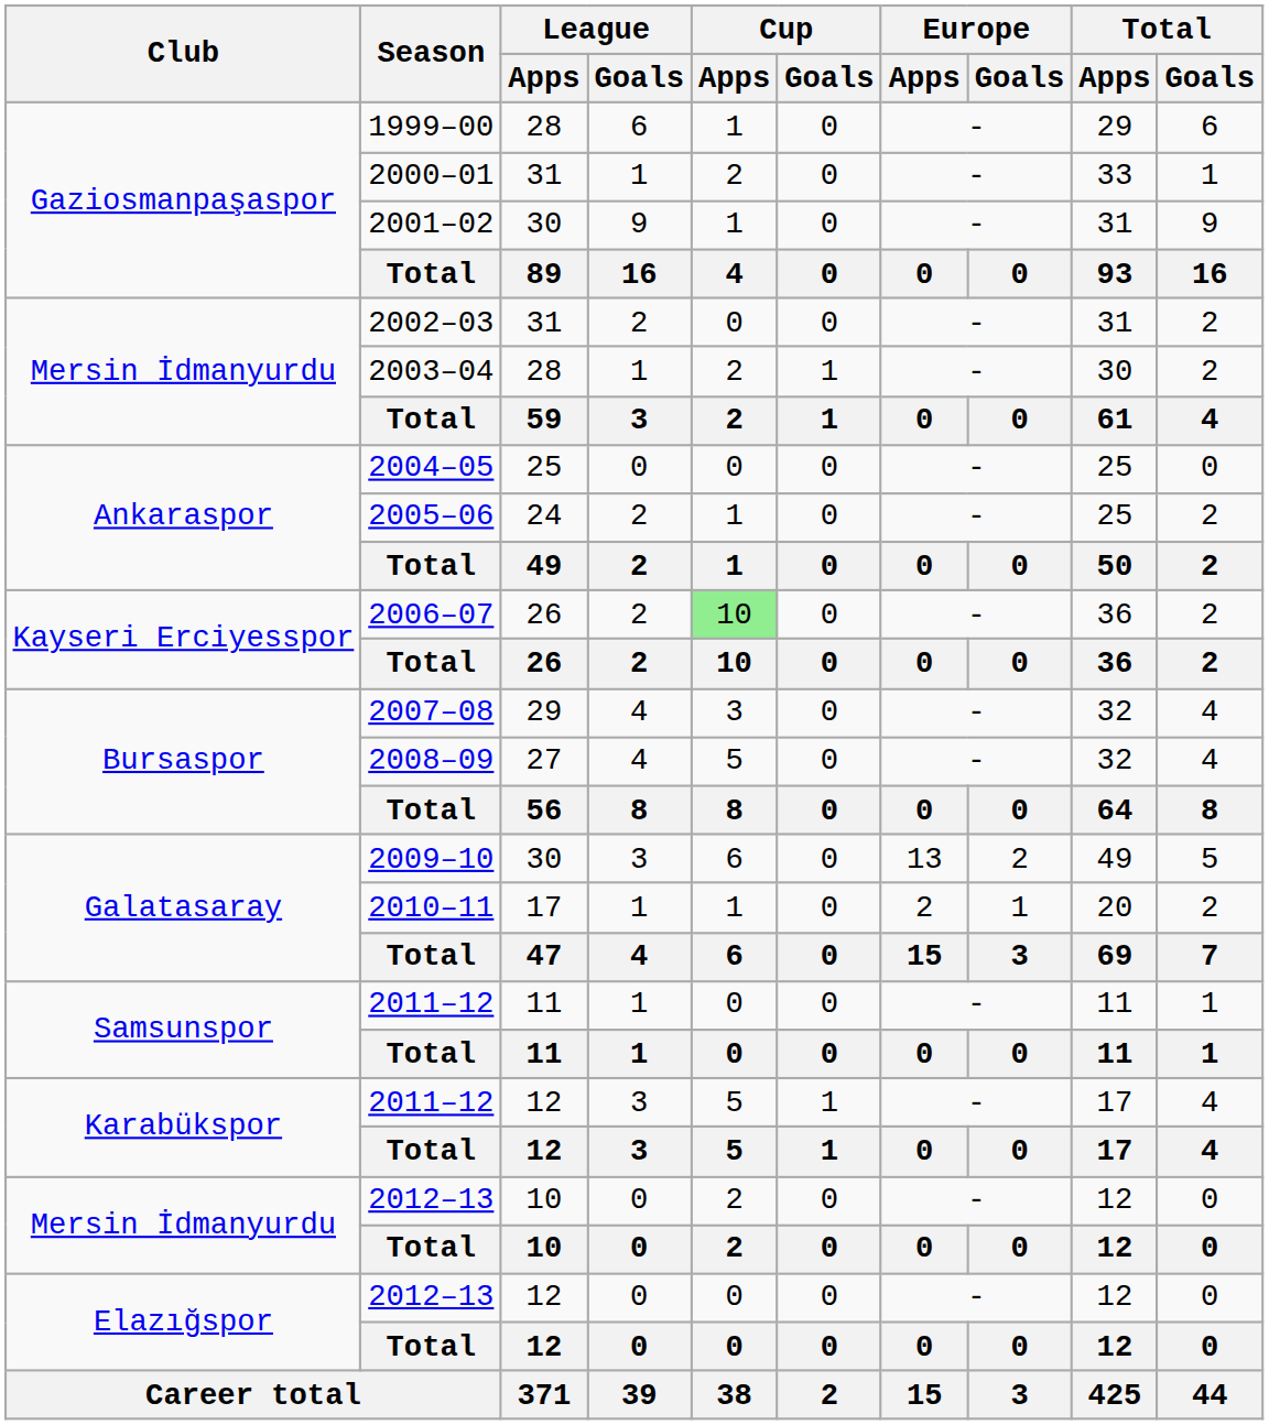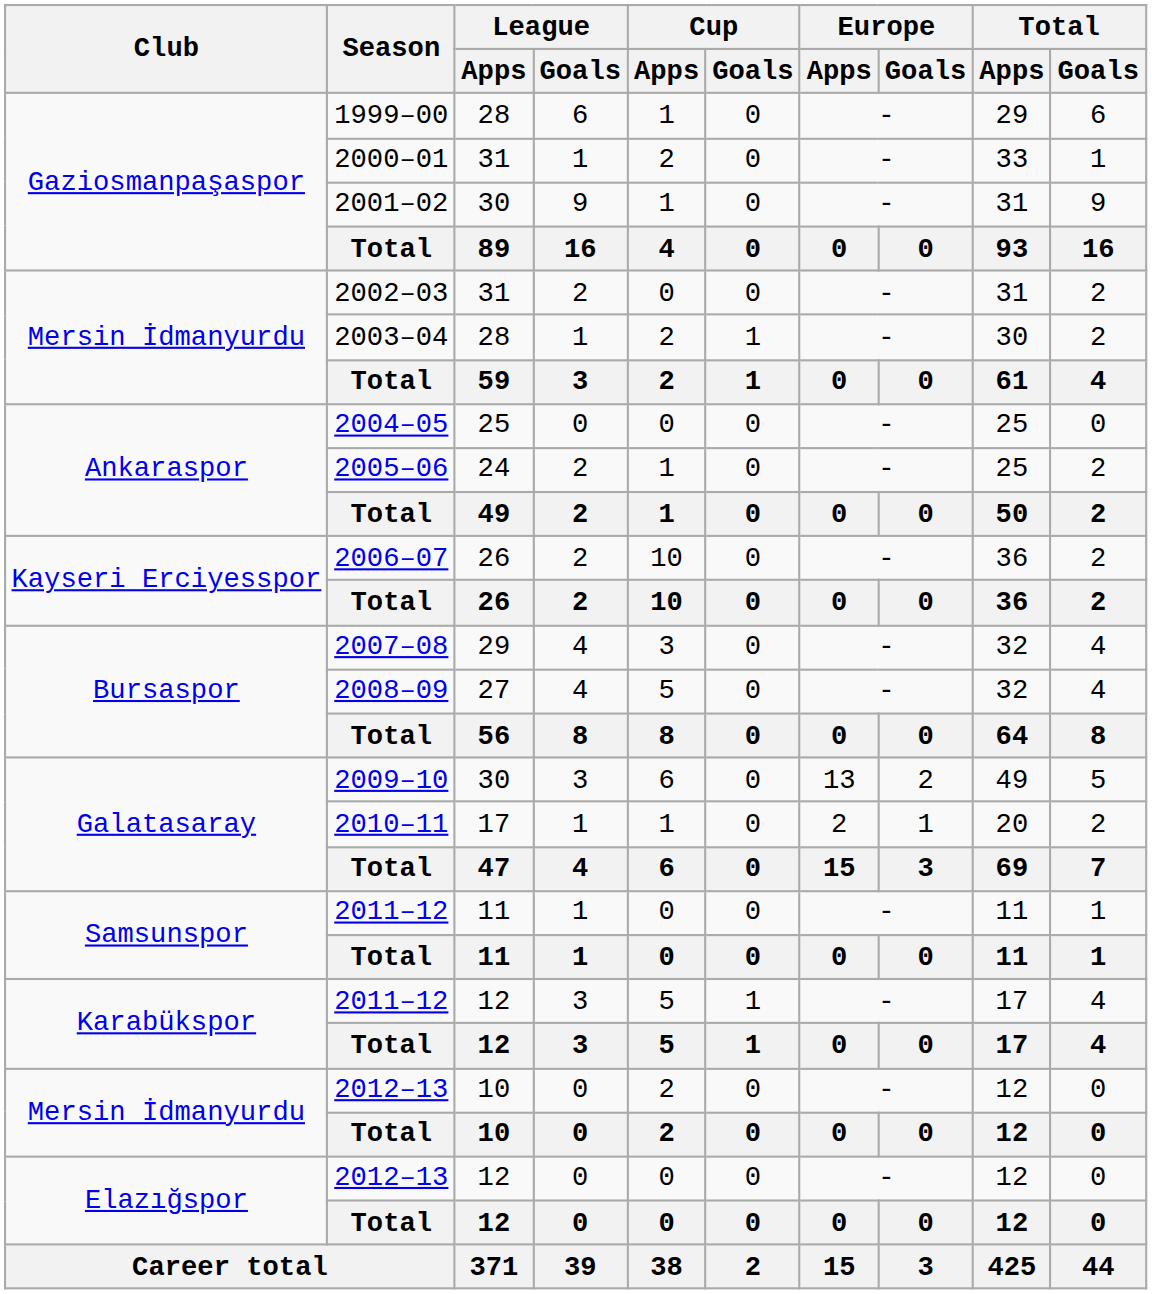 <table class="wikitable" style="text-align: center;">
 <tr>
 <th rowspan="2">Club</th>
 <th rowspan="2">Season</th>
 <th colspan="2">League</th>
 <th colspan="2">Cup</th>
 <th colspan="2">Europe</th>
 <th colspan="2">Total</th>
 </tr>
 <tr>
 <th>Apps</th>
 <th>Goals</th>
 <th>Apps</th>
 <th>Goals</th>
 <th>Apps</th>
 <th>Goals</th>
 <th>Apps</th>
 <th>Goals</th>
 </tr>
 <tr>
 <td rowspan="4" valign="center"><a href='#'>Gaziosmanpaşaspor</a></td>
 <td>1999–00</td>
 <td>28</td>
 <td>6</td>
 <td>1</td>
 <td>0</td>
 <td colspan="2">-</td>
 <td>29</td>
 <td>6</td>
 </tr>
 <tr>
 <td>2000–01</td>
 <td>31</td>
 <td>1</td>
 <td>2</td>
 <td>0</td>
 <td colspan="2">-</td>
 <td>33</td>
 <td>1</td>
 </tr>
 <tr>
 <td>2001–02</td>
 <td>30</td>
 <td>9</td>
 <td>1</td>
 <td>0</td>
 <td colspan="2">-</td>
 <td>31</td>
 <td>9</td>
 </tr>
 <tr>
 <th>Total</th>
 <th>89</th>
 <th>16</th>
 <th>4</th>
 <th>0</th>
 <th>0</th>
 <th>0</th>
 <th>93</th>
 <th>16</th>
 </tr>
 <tr>
 <td rowspan="3" valign="center"><a href='#'>Mersin İdmanyurdu</a></td>
 <td>2002–03</td>
 <td>31</td>
 <td>2</td>
 <td>0</td>
 <td>0</td>
 <td colspan="2">-</td>
 <td>31</td>
 <td>2</td>
 </tr>
 <tr>
 <td>2003–04</td>
 <td>28</td>
 <td>1</td>
 <td>2</td>
 <td>1</td>
 <td colspan="2">-</td>
 <td>30</td>
 <td>2</td>
 </tr>
 <tr>
 <th>Total</th>
 <th>59</th>
 <th>3</th>
 <th>2</th>
 <th>1</th>
 <th>0</th>
 <th>0</th>
 <th>61</th>
 <th>4</th>
 </tr>
 <tr>
 <td rowspan="3" valign="center"><a href='#'>Ankaraspor</a></td>
 <td><a href='#'>2004–05</a></td>
 <td>25</td>
 <td>0</td>
 <td>0</td>
 <td>0</td>
 <td colspan="2">-</td>
 <td>25</td>
 <td>0</td>
 </tr>
 <tr>
 <td><a href='#'>2005–06</a></td>
 <td>24</td>
 <td>2</td>
 <td>1</td>
 <td>0</td>
 <td colspan="2">-</td>
 <td>25</td>
 <td>2</td>
 </tr>
 <tr>
 <th>Total</th>
 <th>49</th>
 <th>2</th>
 <th>1</th>
 <th>0</th>
 <th>0</th>
 <th>0</th>
 <th>50</th>
 <th>2</th>
 </tr>
 <tr>
 <td rowspan="2" valign="center"><a href='#'>Kayseri Erciyesspor</a></td>
 <td><a href='#'>2006–07</a></td>
 <td>26</td>
 <td>2</td>
-<td style="background: lightgreen;">10</td>
+<td>10</td>
 <td>0</td>
 <td colspan="2">-</td>
 <td>36</td>
 <td>2</td>
 </tr>
 <tr>
 <th>Total</th>
 <th>26</th>
 <th>2</th>
 <th>10</th>
 <th>0</th>
 <th>0</th>
 <th>0</th>
 <th>36</th>
 <th>2</th>
 </tr>
 <tr>
 <td rowspan="3" valign="center"><a href='#'>Bursaspor</a></td>
 <td><a href='#'>2007–08</a></td>
 <td>29</td>
 <td>4</td>
 <td>3</td>
 <td>0</td>
 <td colspan="2">-</td>
 <td>32</td>
 <td>4</td>
 </tr>
 <tr>
 <td><a href='#'>2008–09</a></td>
 <td>27</td>
 <td>4</td>
 <td>5</td>
 <td>0</td>
 <td colspan="2">-</td>
 <td>32</td>
 <td>4</td>
 </tr>
 <tr>
 <th>Total</th>
 <th>56</th>
 <th>8</th>
 <th>8</th>
 <th>0</th>
 <th>0</th>
 <th>0</th>
 <th>64</th>
 <th>8</th>
 </tr>
 <tr>
 <td rowspan="3" valign="center"><a href='#'>Galatasaray</a></td>
 <td><a href='#'>2009–10</a></td>
 <td>30</td>
 <td>3</td>
 <td>6</td>
 <td>0</td>
 <td>13</td>
 <td>2</td>
 <td>49</td>
 <td>5</td>
 </tr>
 <tr>
 <td><a href='#'>2010–11</a></td>
 <td>17</td>
 <td>1</td>
 <td>1</td>
 <td>0</td>
 <td>2</td>
 <td>1</td>
 <td>20</td>
 <td>2</td>
 </tr>
 <tr>
 <th>Total</th>
 <th>47</th>
 <th>4</th>
 <th>6</th>
 <th>0</th>
 <th>15</th>
 <th>3</th>
 <th>69</th>
 <th>7</th>
 </tr>
 <tr>
 <td rowspan="2" valign="center"><a href='#'>Samsunspor</a></td>
 <td><a href='#'>2011–12</a></td>
 <td>11</td>
 <td>1</td>
 <td>0</td>
 <td>0</td>
 <td colspan="2">-</td>
 <td>11</td>
 <td>1</td>
 </tr>
 <tr>
 <th>Total</th>
 <th>11</th>
 <th>1</th>
 <th>0</th>
 <th>0</th>
 <th>0</th>
 <th>0</th>
 <th>11</th>
 <th>1</th>
 </tr>
 <tr>
 <td rowspan="2" valign="center"><a href='#'>Karabükspor</a></td>
 <td><a href='#'>2011–12</a></td>
 <td>12</td>
 <td>3</td>
 <td>5</td>
 <td>1</td>
 <td colspan="2">-</td>
 <td>17</td>
 <td>4</td>
 </tr>
 <tr>
 <th>Total</th>
 <th>12</th>
 <th>3</th>
 <th>5</th>
 <th>1</th>
 <th>0</th>
 <th>0</th>
 <th>17</th>
 <th>4</th>
 </tr>
 <tr>
 <td rowspan="2" valign="center"><a href='#'>Mersin İdmanyurdu</a></td>
 <td><a href='#'>2012–13</a></td>
 <td>10</td>
 <td>0</td>
 <td>2</td>
 <td>0</td>
 <td colspan="2">-</td>
 <td>12</td>
 <td>0</td>
 </tr>
 <tr>
 <th>Total</th>
 <th>10</th>
 <th>0</th>
 <th>2</th>
 <th>0</th>
 <th>0</th>
 <th>0</th>
 <th>12</th>
 <th>0</th>
 </tr>
 <tr>
 <td rowspan="2" valign="center"><a href='#'>Elazığspor</a></td>
 <td><a href='#'>2012–13</a></td>
 <td>12</td>
 <td>0</td>
 <td>0</td>
 <td>0</td>
 <td colspan="2">-</td>
 <td>12</td>
 <td>0</td>
 </tr>
 <tr>
 <th>Total</th>
 <th>12</th>
 <th>0</th>
 <th>0</th>
 <th>0</th>
 <th>0</th>
 <th>0</th>
 <th>12</th>
 <th>0</th>
 </tr>
 <tr>
 <th colspan="2">Career total</th>
 <th>371</th>
 <th>39</th>
 <th>38</th>
 <th>2</th>
 <th>15</th>
 <th>3</th>
 <th>425</th>
 <th>44</th>
 </tr>
 </table>
